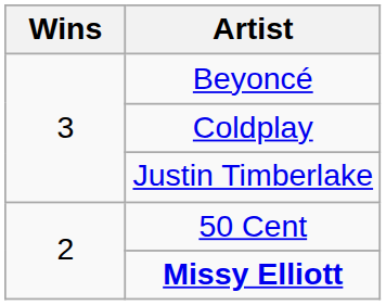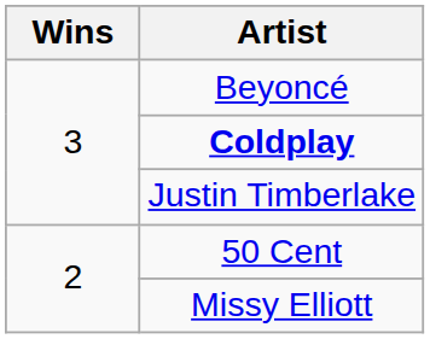 <table class="wikitable" rowspan="2" style="text-align:center">
 <tr>
 <th scope="col" style="width:55px;">Wins</th>
 <th scope="col" style="text-align:center;">Artist</th>
 </tr>
 <tr>
 <td rowspan="3" style="text-align:center">3</td>
 <td><a href='#'>Beyoncé</a></td>
 </tr>
 <tr>
-<td><a href='#'>Coldplay</a></td>
+<td><strong><a href='#'>Coldplay</a></strong></td>
 </tr>
 <tr>
 <td><a href='#'>Justin Timberlake</a></td>
 </tr>
 <tr>
 <td rowspan="3" style="text-align:center">2</td>
 <td><a href='#'>50 Cent</a></td>
 </tr>
 <tr>
-<td><strong><a href='#'>Missy Elliott</a></strong></td>
+<td><a href='#'>Missy Elliott</a></td>
 </tr>
 </table>
